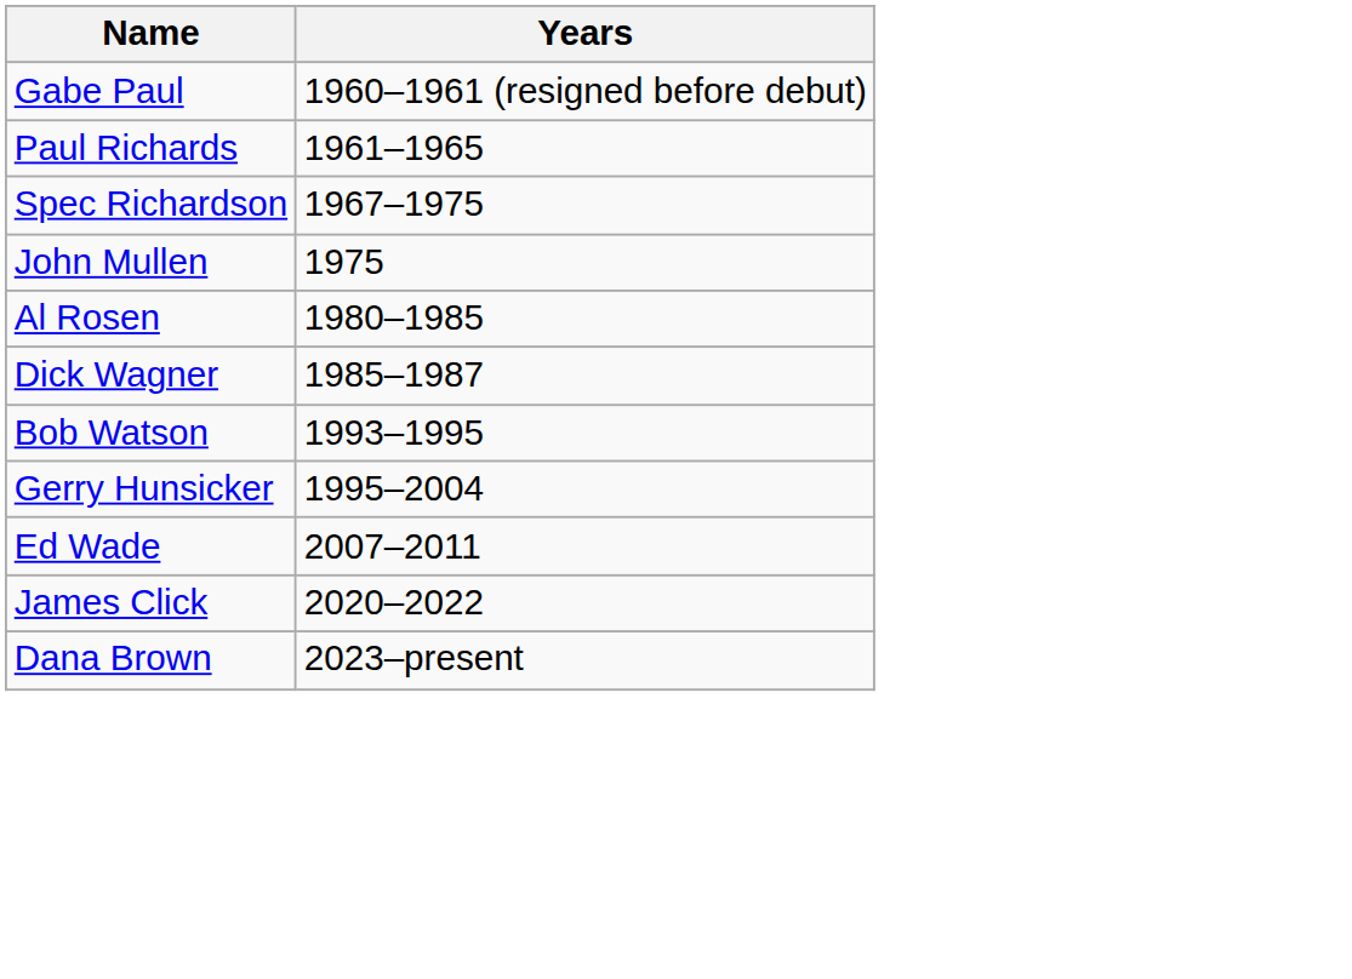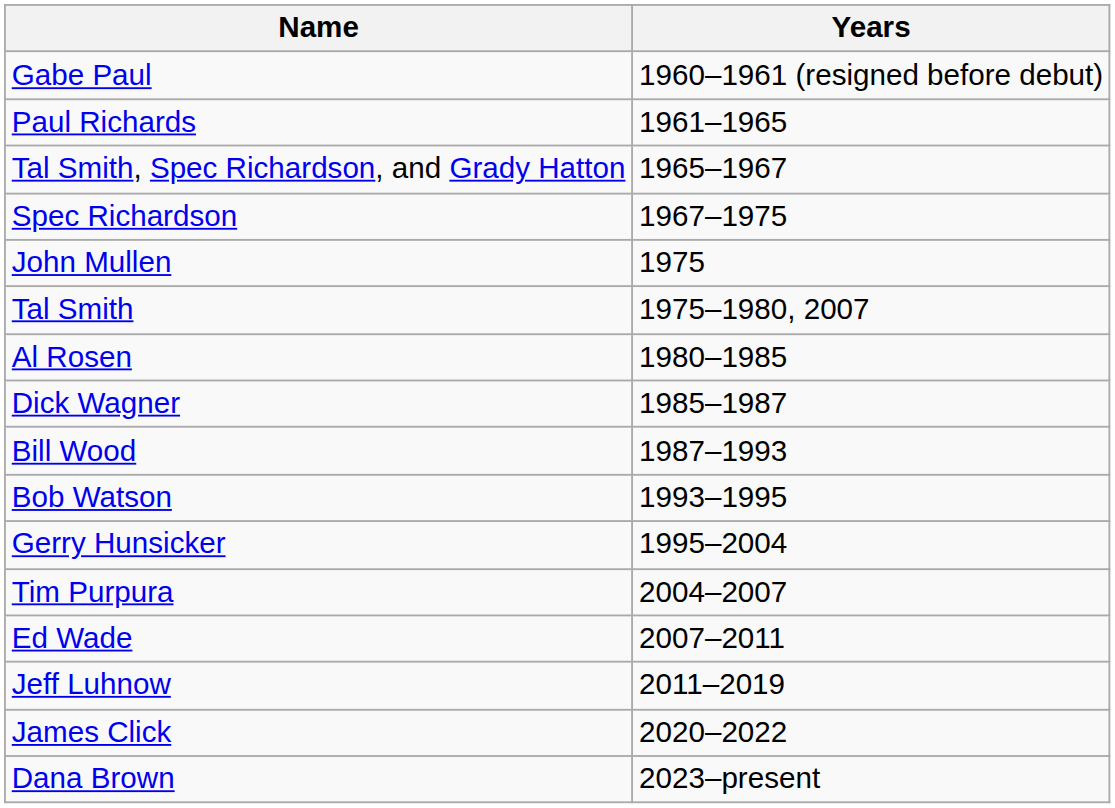 <table class="wikitable">
 <tr>
 <th>Name</th>
 <th>Years</th>
 </tr>
 <tr>
 <td><a href='#'>Gabe Paul</a></td>
 <td>1960–1961 (resigned before debut)</td>
 </tr>
 <tr>
 <td><a href='#'>Paul Richards</a></td>
 <td>1961–1965</td>
 </tr>
 <tr>
+<td><a href='#'>Tal Smith</a>, <a href='#'>Spec Richardson</a>, and <a href='#'>Grady Hatton</a></td>
+<td>1965–1967</td>
+</tr>
+<tr>
 <td><a href='#'>Spec Richardson</a></td>
 <td>1967–1975</td>
 </tr>
 <tr>
 <td><a href='#'>John Mullen</a></td>
 <td>1975</td>
+</tr>
+<tr>
+<td><a href='#'>Tal Smith</a></td>
+<td>1975–1980, 2007</td>
 </tr>
 <tr>
 <td><a href='#'>Al Rosen</a></td>
 <td>1980–1985</td>
 </tr>
 <tr>
 <td><a href='#'>Dick Wagner</a></td>
 <td>1985–1987</td>
 </tr>
 <tr>
+<td><a href='#'>Bill Wood</a></td>
+<td>1987–1993</td>
+</tr>
+<tr>
 <td><a href='#'>Bob Watson</a></td>
 <td>1993–1995</td>
 </tr>
 <tr>
 <td><a href='#'>Gerry Hunsicker</a></td>
 <td>1995–2004</td>
 </tr>
 <tr>
+<td><a href='#'>Tim Purpura</a></td>
+<td>2004–2007</td>
+</tr>
+<tr>
 <td><a href='#'>Ed Wade</a></td>
 <td>2007–2011</td>
+</tr>
+<tr>
+<td><a href='#'>Jeff Luhnow</a></td>
+<td>2011–2019</td>
 </tr>
 <tr>
 <td><a href='#'>James Click</a></td>
 <td>2020–2022</td>
 </tr>
 <tr>
 <td><a href='#'>Dana Brown</a></td>
 <td>2023–present</td>
 </tr>
 </table>
